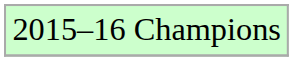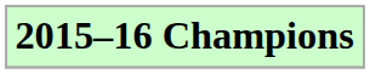 <table class="wikitable">
 <tr>
 </tr>
 <tr width=10px bgcolor="#ccffcc">
-<td>2015–16 Champions</td>
+<td><strong>2015–16 Champions</strong></td>
 </tr>
 <tr>
 </tr>
 </table>
